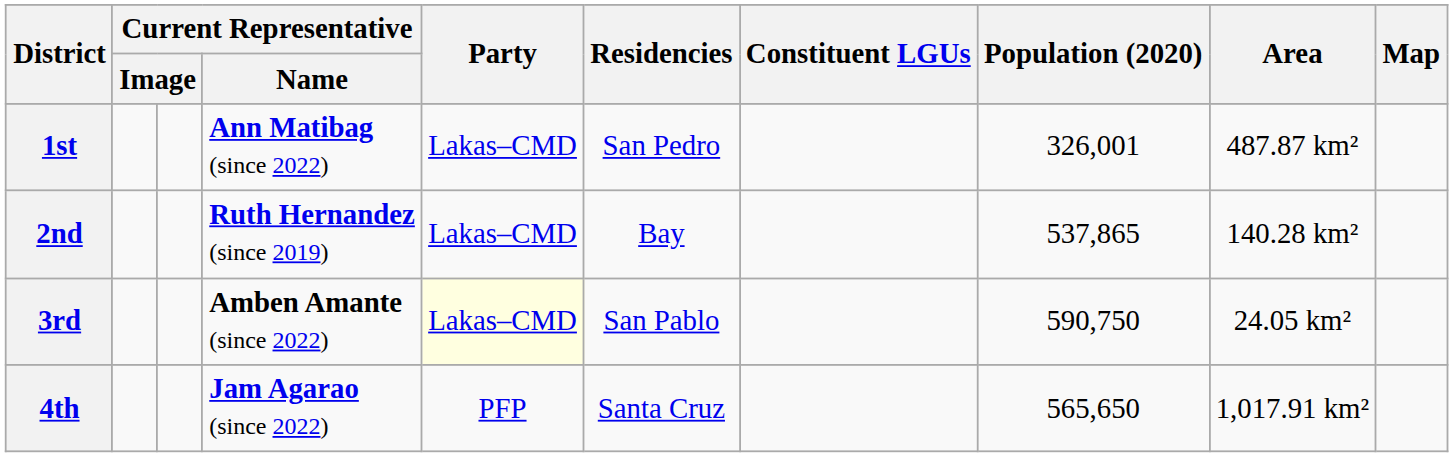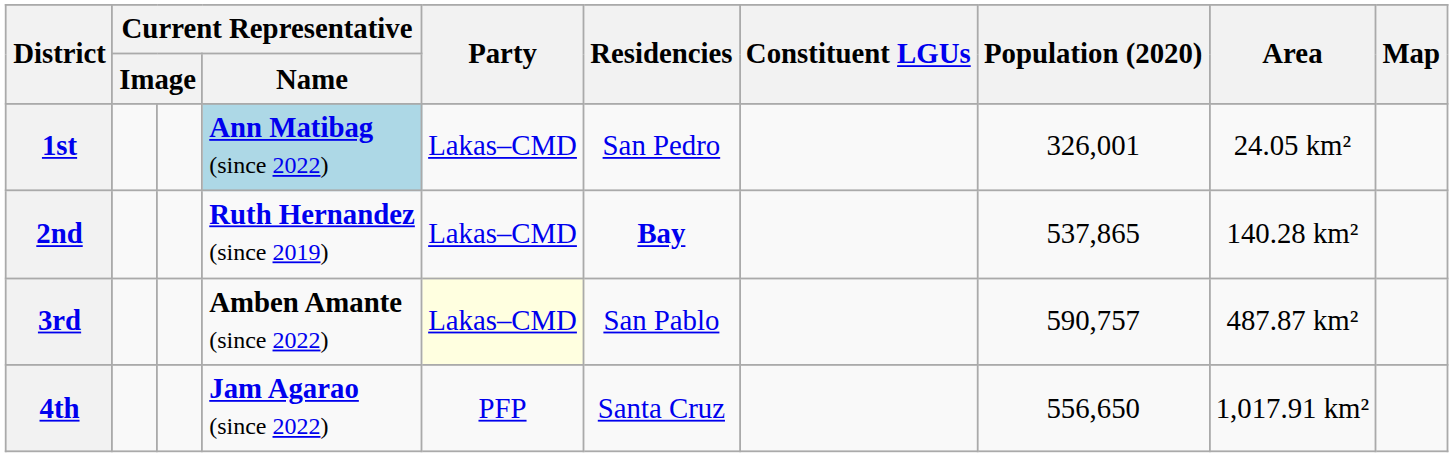 <table class="wikitable sortable" style="margin: 1em auto; font-size:100%; line-height:20px; text-align:center">
 <tr>
 <th rowspan="2">District</th>
 <th colspan="3">Current Representative</th>
 <th rowspan="2">Party</th>
 <th rowspan="2">Residencies</th>
 <th rowspan="2">Constituent <a href='#'>LGUs</a></th>
 <th rowspan="2">Population (2020)</th>
 <th rowspan="2">Area</th>
 <th rowspan="2">Map</th>
 </tr>
 <tr>
 <th colspan="2">Image</th>
 <th>Name</th>
 </tr>
 <tr>
 <th><a href='#'>1st</a></th>
 <td style="background:"></td>
 <td></td>
-<td style="text-align:left;"><strong><a href='#'>Ann Matibag</a></strong><br><small>(since <a href='#'>2022</a>)</small></td>
+<td style="background: lightblue; text-align:left;"><strong><a href='#'>Ann Matibag</a></strong><br><small>(since <a href='#'>2022</a>)</small></td>
 <td><a href='#'>Lakas–CMD</a></td>
 <td><a href='#'>San Pedro</a></td>
 <td></td>
 <td>326,001</td>
-<td>487.87 km²</td>
+<td>24.05 km²</td>
 <td></td>
 </tr>
 <tr>
 <th><a href='#'>2nd</a></th>
 <td style="background:"></td>
 <td></td>
 <td style="text-align:left;"><strong><a href='#'>Ruth Hernandez</a></strong><br><small>(since <a href='#'>2019</a>)</small></td>
 <td><a href='#'>Lakas–CMD</a></td>
-<td><a href='#'>Bay</a></td>
+<td><strong><a href='#'>Bay</a></strong></td>
 <td></td>
 <td>537,865</td>
 <td>140.28 km²</td>
 <td></td>
 </tr>
 <tr>
 <th><a href='#'>3rd</a></th>
 <td style="background:"></td>
 <td></td>
 <td style="text-align:left;"><strong>Amben Amante</strong><br><small>(since <a href='#'>2022</a>)</small></td>
 <td style="background: lightyellow;"><a href='#'>Lakas–CMD</a></td>
 <td><a href='#'>San Pablo</a></td>
 <td></td>
-<td>590,750</td>
-<td>24.05 km²</td>
+<td>590,757</td>
+<td>487.87 km²</td>
 <td></td>
 </tr>
 <tr>
 <th><a href='#'>4th</a></th>
 <td style="background:"></td>
 <td></td>
 <td style="text-align:left;"><strong><a href='#'>Jam Agarao</a></strong><br><small>(since <a href='#'>2022</a>)</small></td>
 <td><a href='#'>PFP</a></td>
 <td><a href='#'>Santa Cruz</a></td>
 <td></td>
-<td>565,650</td>
+<td>556,650</td>
 <td>1,017.91 km²</td>
 <td></td>
 </tr>
 </table>
